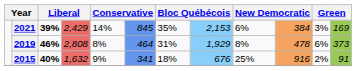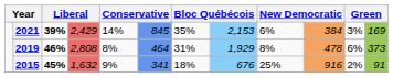 <table class="wikitable" style="float:right; width:400; font-size:90%; margin-left:1em;">
 <tr>
 <th colspan="2" scope="col">Year</th>
 <th colspan="2" scope="col"><a href='#'>Liberal</a></th>
 <th colspan="2" scope="col"><a href='#'>Conservative</a></th>
 <th colspan="2" scope="col"><a href='#'>Bloc Québécois</a></th>
 <th colspan="2" scope="col"><a href='#'>New Democratic</a></th>
 <th colspan="2" scope="col"><a href='#'>Green</a></th>
 </tr>
 <tr>
 <td rowspan="3" style="width: 0.25em; background-color: "></td>
 <th><a href='#'>2021</a></th>
 <td><strong>39%</strong></td>
 <td style="text-align:right; background:#EA6D6A;"><em>2,429</em></td>
 <td>14%</td>
 <td style="text-align:right; background:#6495ED;"><em>845</em></td>
 <td>35%</td>
 <td style="text-align:right; background:#87CEFA;"><em>2,153</em></td>
 <td>6%</td>
 <td style="text-align:right; background:#F4A460;"><em>384</em></td>
 <td>3%</td>
 <td style="text-align:right; background:#99C955;"><em>169</em></td>
 </tr>
 <tr>
 <th><a href='#'>2019</a></th>
 <td><strong>46%</strong></td>
 <td style="text-align:right; background:#EA6D6A;"><em>2,808</em></td>
 <td>8%</td>
 <td style="text-align:right; background:#6495ED;"><em>464</em></td>
 <td>31%</td>
 <td style="text-align:right; background:#87CEFA;"><em>1,929</em></td>
 <td>8%</td>
 <td style="text-align:right; background:#F4A460;"><em>478</em></td>
 <td>6%</td>
 <td style="text-align:right; background:#99C955;"><em>373</em></td>
 </tr>
 <tr>
 <th><a href='#'>2015</a></th>
-<td><strong>40%</strong></td>
+<td><strong>45%</strong></td>
 <td style="text-align:right; background:#EA6D6A;"><em>1,632</em></td>
 <td>9%</td>
 <td style="text-align:right; background:#6495ED;"><em>341</em></td>
 <td>18%</td>
 <td style="text-align:right; background:#87CEFA;"><em>676</em></td>
 <td>25%</td>
 <td style="text-align:right; background:#F4A460;"><em>916</em></td>
 <td>2%</td>
 <td style="text-align:right; background:#99C955;"><em>91</em></td>
 </tr>
 <tr>
 </tr>
 </table>
